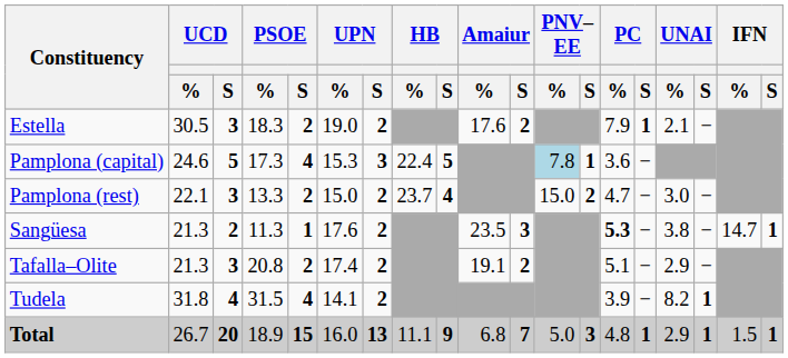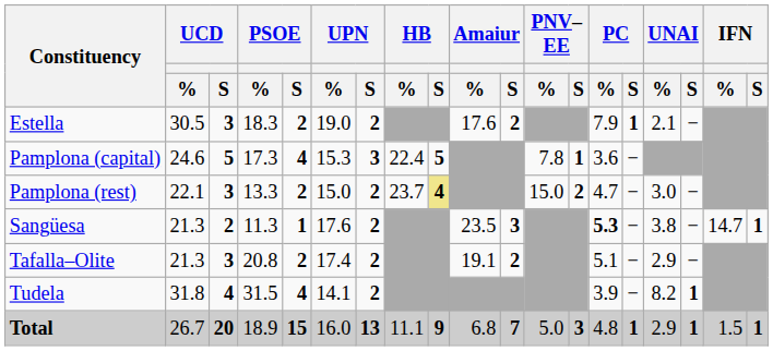 <table class="wikitable sortable" style="text-align:right; line-height:20px;">
 <tr>
 <th rowspan="3">Constituency</th>
 <th colspan="2" width="30px" class="unsortable"><a href='#'>UCD</a></th>
 <th colspan="2" width="30px" class="unsortable"><a href='#'>PSOE</a></th>
 <th colspan="2" width="30px" class="unsortable"><a href='#'>UPN</a></th>
 <th colspan="2" width="30px" class="unsortable"><a href='#'>HB</a></th>
 <th colspan="2" width="30px" class="unsortable"><a href='#'>Amaiur</a></th>
 <th colspan="2" width="30px" class="unsortable"><a href='#'>PNV</a>–<a href='#'>EE</a></th>
 <th colspan="2" width="30px" class="unsortable"><a href='#'>PC</a></th>
 <th colspan="2" width="30px" class="unsortable"><a href='#'>UNAI</a></th>
 <th colspan="2" width="30px" class="unsortable">IFN</th>
 </tr>
 <tr>
 <th colspan="2" style="background:"></th>
 <th colspan="2" style="background:"></th>
 <th colspan="2" style="background:"></th>
 <th colspan="2" style="background:"></th>
 <th colspan="2" style="background:"></th>
 <th colspan="2" style="background:"></th>
 <th colspan="2" style="background:"></th>
 <th colspan="2" style="background:"></th>
 <th colspan="2" style="background:"></th>
 </tr>
 <tr>
 <th data-sort-type="number">%</th>
 <th data-sort-type="number">S</th>
 <th data-sort-type="number">%</th>
 <th data-sort-type="number">S</th>
 <th data-sort-type="number">%</th>
 <th data-sort-type="number">S</th>
 <th data-sort-type="number">%</th>
 <th data-sort-type="number">S</th>
 <th data-sort-type="number">%</th>
 <th data-sort-type="number">S</th>
 <th data-sort-type="number">%</th>
 <th data-sort-type="number">S</th>
 <th data-sort-type="number">%</th>
 <th data-sort-type="number">S</th>
 <th data-sort-type="number">%</th>
 <th data-sort-type="number">S</th>
 <th data-sort-type="number">%</th>
 <th data-sort-type="number">S</th>
 </tr>
 <tr>
 <td align="left"><a href='#'>Estella</a></td>
 <td style="background:">30.5</td>
 <td><strong>3</strong></td>
 <td>18.3</td>
 <td><strong>2</strong></td>
 <td>19.0</td>
 <td><strong>2</strong></td>
 <td colspan="2" bgcolor="#AAAAAA"></td>
 <td>17.6</td>
 <td><strong>2</strong></td>
 <td colspan="2" bgcolor="#AAAAAA"></td>
 <td>7.9</td>
 <td><strong>1</strong></td>
 <td>2.1</td>
 <td>−</td>
 <td colspan="2" rowspan="3" bgcolor="#AAAAAA"></td>
 </tr>
 <tr>
 <td align="left"><a href='#'>Pamplona (capital)</a></td>
 <td style="background:">24.6</td>
 <td><strong>5</strong></td>
 <td>17.3</td>
 <td><strong>4</strong></td>
 <td>15.3</td>
 <td><strong>3</strong></td>
 <td>22.4</td>
 <td><strong>5</strong></td>
 <td colspan="2" rowspan="2" bgcolor="#AAAAAA"></td>
-<td style="background: lightblue;">7.8</td>
+<td>7.8</td>
 <td><strong>1</strong></td>
 <td>3.6</td>
 <td>−</td>
 <td colspan="2" bgcolor="#AAAAAA"></td>
 </tr>
 <tr>
 <td align="left"><a href='#'>Pamplona (rest)</a></td>
 <td>22.1</td>
 <td><strong>3</strong></td>
 <td>13.3</td>
 <td><strong>2</strong></td>
 <td>15.0</td>
 <td><strong>2</strong></td>
 <td style="background:">23.7</td>
-<td><strong>4</strong></td>
+<td style="background: khaki;"><strong>4</strong></td>
 <td>15.0</td>
 <td><strong>2</strong></td>
 <td>4.7</td>
 <td>−</td>
 <td>3.0</td>
 <td>−</td>
 </tr>
 <tr>
 <td align="left"><a href='#'>Sangüesa</a></td>
 <td>21.3</td>
 <td><strong>2</strong></td>
 <td>11.3</td>
 <td><strong>1</strong></td>
 <td>17.6</td>
 <td><strong>2</strong></td>
 <td colspan="2" rowspan="3" bgcolor="#AAAAAA"></td>
 <td style="background:">23.5</td>
 <td><strong>3</strong></td>
 <td colspan="2" rowspan="3" bgcolor="#AAAAAA"></td>
 <td><strong>5.3</strong></td>
 <td>−</td>
 <td>3.8</td>
 <td>−</td>
 <td>14.7</td>
 <td><strong>1</strong></td>
 </tr>
 <tr>
 <td align="left"><a href='#'>Tafalla–Olite</a></td>
 <td style="background:">21.3</td>
 <td><strong>3</strong></td>
 <td>20.8</td>
 <td><strong>2</strong></td>
 <td>17.4</td>
 <td><strong>2</strong></td>
 <td>19.1</td>
 <td><strong>2</strong></td>
 <td>5.1</td>
 <td>−</td>
 <td>2.9</td>
 <td>−</td>
 <td colspan="2" rowspan="2" bgcolor="#AAAAAA"></td>
 </tr>
 <tr>
 <td align="left"><a href='#'>Tudela</a></td>
 <td style="background:">31.8</td>
 <td><strong>4</strong></td>
 <td>31.5</td>
 <td><strong>4</strong></td>
 <td>14.1</td>
 <td><strong>2</strong></td>
 <td colspan="2" bgcolor="#AAAAAA"></td>
 <td>3.9</td>
 <td>−</td>
 <td>8.2</td>
 <td><strong>1</strong></td>
 </tr>
 <tr style="background:#CDCDCD;">
 <td align="left"><strong>Total</strong></td>
 <td style="background:">26.7</td>
 <td><strong>20</strong></td>
 <td>18.9</td>
 <td><strong>15</strong></td>
 <td>16.0</td>
 <td><strong>13</strong></td>
 <td>11.1</td>
 <td><strong>9</strong></td>
 <td>6.8</td>
 <td><strong>7</strong></td>
 <td>5.0</td>
 <td><strong>3</strong></td>
 <td>4.8</td>
 <td><strong>1</strong></td>
 <td>2.9</td>
 <td><strong>1</strong></td>
 <td>1.5</td>
 <td><strong>1</strong></td>
 </tr>
 </table>
